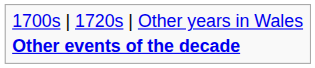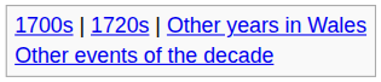 <table class="infobox" id="toc">
 <tr>
 <td align="left"><a href='#'>1700s</a> | <a href='#'>1720s</a> | <a href='#'>Other years in Wales</a></td>
 </tr>
 <tr>
-<td><strong><a href='#'>Other events of the decade</a></strong></td>
+<td><a href='#'>Other events of the decade</a></td>
 </tr>
 </table>
